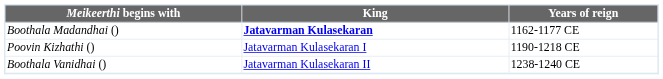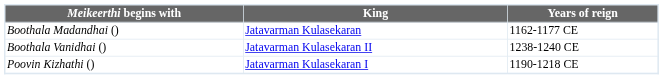 <table width="70%" cellpadding="2" cellspacing="0" border="1" style="border-collapse: collapse; border: 2px #DEE8F1 solid; font-size: x-big; font-family: verdana">
 <tr>
 <th style="background-color:#666666; color:white"><em>Meikeerthi</em> begins with</th>
 <th style="background-color:#666666; color:white">King</th>
 <th style="background-color:#666666; color:white">Years of reign</th>
 </tr>
 <tr --->
 <td><em>Boothala Madandhai</em> ()</td>
-<td><strong><a href='#'>Jatavarman Kulasekaran</a></strong></td>
+<td><a href='#'>Jatavarman Kulasekaran</a></td>
 <td>1162-1177 CE</td>
+</tr>
+<tr --->
+<td><em>Boothala Vanidhai</em> ()</td>
+<td><a href='#'>Jatavarman Kulasekaran II</a></td>
+<td>1238-1240 CE</td>
 </tr>
 <tr --->
 <td><em>Poovin Kizhathi</em> ()</td>
 <td><a href='#'>Jatavarman Kulasekaran I</a></td>
 <td>1190-1218 CE</td>
 </tr>
 <tr --->
-<td><em>Boothala Vanidhai</em> ()</td>
-<td><a href='#'>Jatavarman Kulasekaran II</a></td>
-<td>1238-1240 CE</td>
-</tr>
-<tr --->
 </tr>
 </table>
